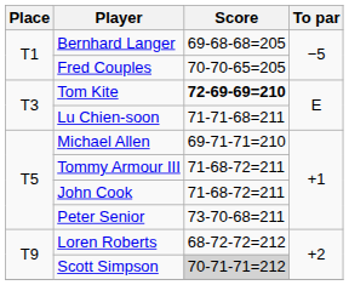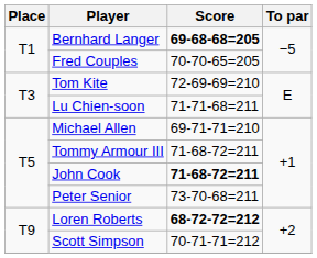 <table class="wikitable">
 <tr>
 <th>Place</th>
 <th>Player</th>
 <th>Score</th>
 <th>To par</th>
 </tr>
 <tr>
 <td rowspan=2 align=center>T1</td>
 <td> <a href='#'>Bernhard Langer</a></td>
-<td>69-68-68=205</td>
+<td><strong>69-68-68=205</strong></td>
 <td rowspan=2 align=center>−5</td>
 </tr>
 <tr>
 <td> <a href='#'>Fred Couples</a></td>
 <td>70-70-65=205</td>
 </tr>
 <tr>
 <td rowspan=2 align=center>T3</td>
 <td> <a href='#'>Tom Kite</a></td>
-<td><strong>72-69-69=210</strong></td>
+<td>72-69-69=210</td>
 <td rowspan=2 align=center>E</td>
 </tr>
 <tr>
 <td> <a href='#'>Lu Chien-soon</a></td>
 <td>71-71-68=211</td>
 </tr>
 <tr>
 <td rowspan=4 align=center>T5</td>
 <td> <a href='#'>Michael Allen</a></td>
 <td>69-71-71=210</td>
 <td rowspan=4 align=center>+1</td>
 </tr>
 <tr>
 <td> <a href='#'>Tommy Armour III</a></td>
 <td>71-68-72=211</td>
 </tr>
 <tr>
 <td> <a href='#'>John Cook</a></td>
-<td>71-68-72=211</td>
+<td><strong>71-68-72=211</strong></td>
 </tr>
 <tr>
 <td> <a href='#'>Peter Senior</a></td>
 <td>73-70-68=211</td>
 </tr>
 <tr>
 <td rowspan=2 align=center>T9</td>
 <td> <a href='#'>Loren Roberts</a></td>
-<td>68-72-72=212</td>
+<td><strong>68-72-72=212</strong></td>
 <td rowspan=2 align=center>+2</td>
 </tr>
 <tr>
 <td> <a href='#'>Scott Simpson</a></td>
-<td style="background: lightgrey;">70-71-71=212</td>
+<td>70-71-71=212</td>
 </tr>
 <tr>
 </tr>
 </table>
